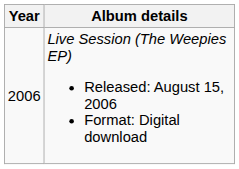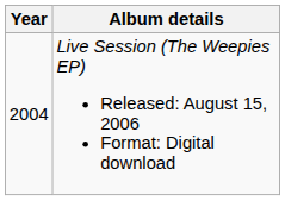 <table class="wikitable" style=text-align:center;>
 <tr>
 <th>Year</th>
 <th width=200>Album details</th>
 </tr>
 <tr>
-<td>2006</td>
+<td>2004</td>
 <td align=left><em>Live Session (The Weepies EP)</em><br><ul><li>Released: August 15, 2006</li><li>Format: Digital download</li></ul></td>
 </tr>
 </table>
